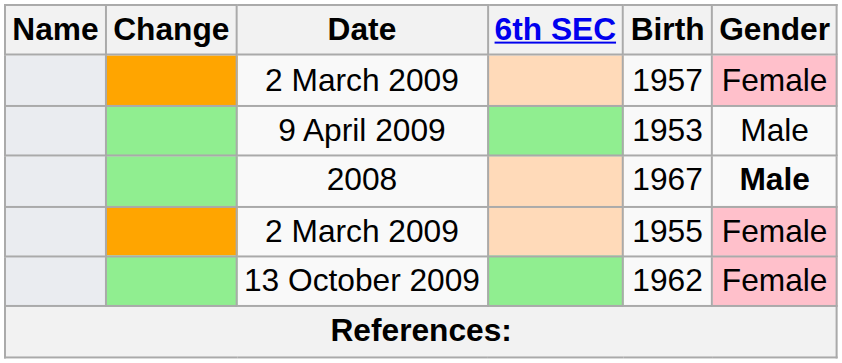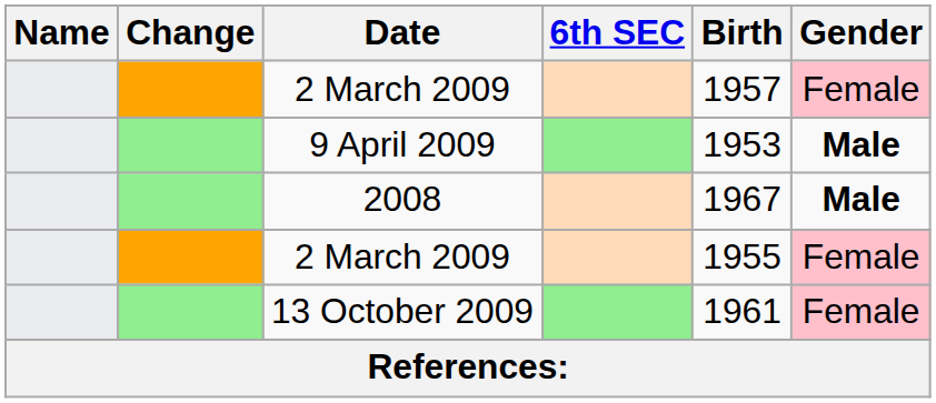 <table class="wikitable sortable" style=text-align:center>
 <tr>
 <th>Name</th>
 <th unsortable>Change</th>
 <th unsortable>Date</th>
 <th unsortable><a href='#'>6th SEC</a></th>
 <th>Birth</th>
 <th>Gender</th>
 </tr>
 <tr>
 <td bgcolor = #EAECF0></td>
 <td bgcolor = Orange></td>
 <td>2 March 2009</td>
 <td bgcolor = PeachPuff></td>
 <td>1957</td>
 <td bgcolor = Pink>Female</td>
 </tr>
 <tr>
 <td bgcolor = #EAECF0></td>
 <td bgcolor = LightGreen></td>
 <td>9 April 2009</td>
 <td bgcolor = LightGreen></td>
 <td>1953</td>
-<td>Male</td>
+<td><strong>Male</strong></td>
 </tr>
 <tr>
 <td bgcolor = #EAECF0></td>
 <td bgcolor = LightGreen></td>
 <td>2008</td>
 <td bgcolor = PeachPuff></td>
 <td>1967</td>
 <td><strong>Male</strong></td>
 </tr>
 <tr>
 <td bgcolor = #EAECF0></td>
 <td bgcolor = Orange></td>
 <td>2 March 2009</td>
 <td bgcolor = PeachPuff></td>
 <td>1955</td>
 <td bgcolor = Pink>Female</td>
 </tr>
 <tr>
 <td bgcolor = #EAECF0></td>
 <td bgcolor = LightGreen></td>
 <td>13 October 2009</td>
 <td bgcolor = LightGreen></td>
-<td>1962</td>
+<td>1961</td>
 <td bgcolor = Pink>Female</td>
 </tr>
 <tr class=sortbottom>
 <th colspan = "7" align = left><strong>References:</strong><br></th>
 </tr>
 </table>
